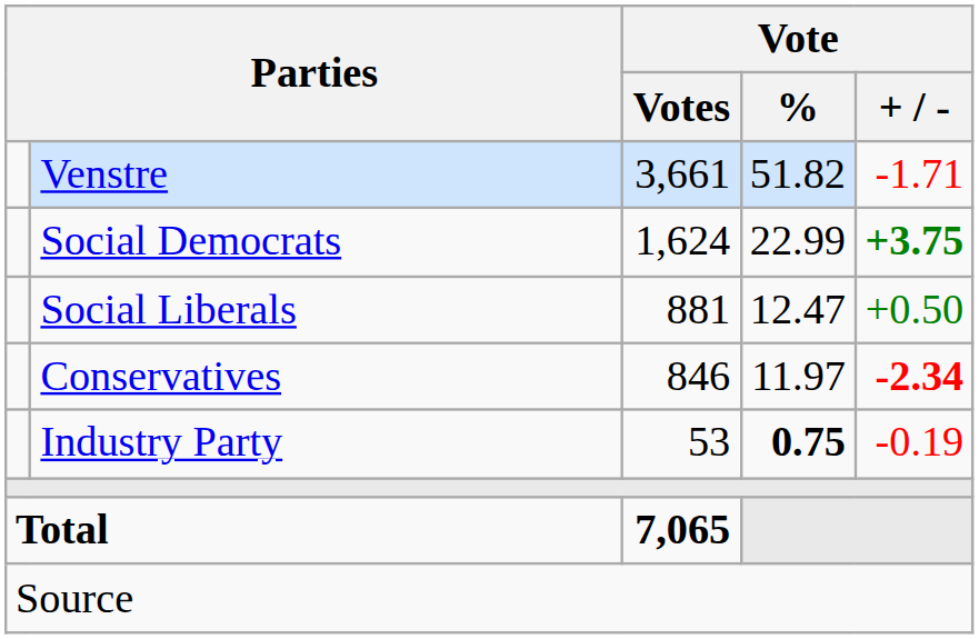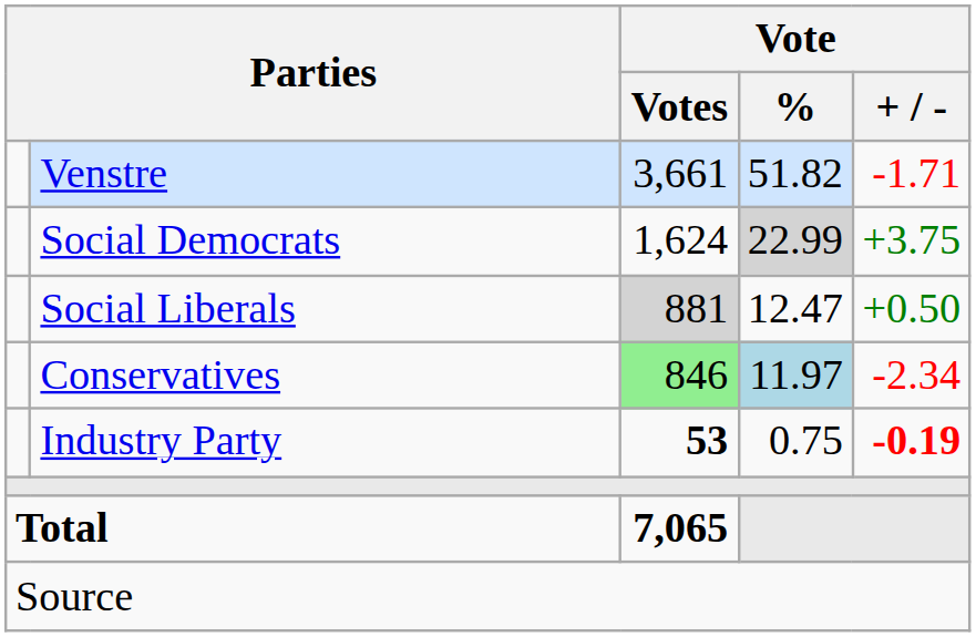 <table class="wikitable" style="text-align:right;">
 <tr>
 <th style="text-align:centre;" rowspan="2" colspan="2" width="225">Parties</th>
 <th colspan="3">Vote</th>
 </tr>
 <tr>
 <th width="15">Votes</th>
 <th width="15">%</th>
 <th width="15">+ / -</th>
 </tr>
 <tr>
 <td width="2" style="color:inherit;background:"></td>
 <td bgcolor=#cfe5fe  align="left"><a href='#'>Venstre</a></td>
 <td bgcolor=#cfe5fe>3,661</td>
 <td bgcolor=#cfe5fe>51.82</td>
 <td style=color:red;>-1.71</td>
 </tr>
 <tr>
 <td width="2" style="color:inherit;background:"></td>
 <td align="left"><a href='#'>Social Democrats</a></td>
 <td>1,624</td>
-<td>22.99</td>
-<td style=color:green;><strong>+3.75</strong></td>
+<td style="background: lightgrey;">22.99</td>
+<td style=color:green;>+3.75</td>
 </tr>
 <tr>
 <td width="2" style="color:inherit;background:"></td>
 <td align="left"><a href='#'>Social Liberals</a></td>
-<td>881</td>
+<td style="background: lightgrey;">881</td>
 <td>12.47</td>
 <td style=color:green;>+0.50</td>
 </tr>
 <tr>
 <td width="2" style="color:inherit;background:"></td>
 <td align="left"><a href='#'>Conservatives</a></td>
-<td>846</td>
-<td>11.97</td>
-<td style=color:red;><strong>-2.34</strong></td>
+<td style="background: lightgreen;">846</td>
+<td style="background: lightblue;">11.97</td>
+<td style=color:red;>-2.34</td>
 </tr>
 <tr>
 <td width="2" style="color:inherit;background:"></td>
 <td align="left"><a href='#'>Industry Party</a></td>
-<td>53</td>
-<td><strong>0.75</strong></td>
-<td style=color:red;>-0.19</td>
+<td><strong>53</strong></td>
+<td>0.75</td>
+<td style=color:red;><strong>-0.19</strong></td>
 </tr>
 <tr>
 <td colspan="7" bgcolor="#E9E9E9"></td>
 </tr>
 <tr>
 <td align="left" colspan="2"><strong>Total</strong></td>
 <td><strong>7,065</strong></td>
 <td bgcolor="#E9E9E9" colspan="2"></td>
 </tr>
 <tr>
 <td align="left" colspan="6">Source</td>
 </tr>
 </table>
